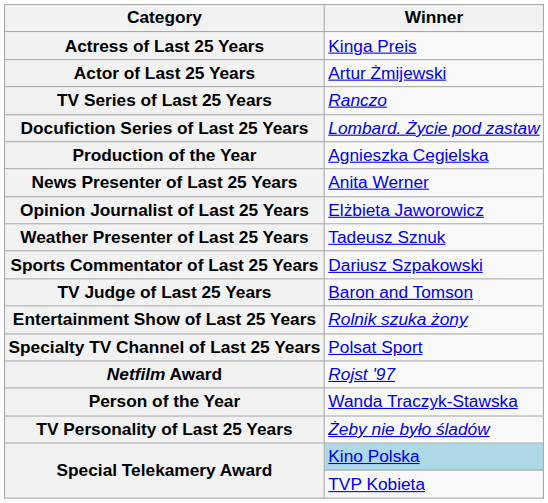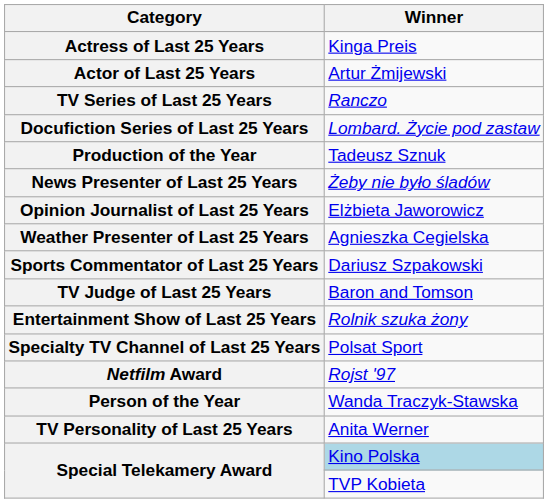 <table class="wikitable">
 <tr>
 <th>Category</th>
 <th>Winner</th>
 </tr>
 <tr>
 <th scope="row">Actress of Last 25 Years</th>
 <td><a href='#'>Kinga Preis</a></td>
 </tr>
 <tr>
 <th scope="row">Actor of Last 25 Years</th>
 <td><a href='#'>Artur Żmijewski</a></td>
 </tr>
 <tr>
 <th scope="row">TV Series of Last 25 Years</th>
 <td><em><a href='#'>Ranczo</a></em></td>
 </tr>
 <tr>
 <th scop="row">Docufiction Series of Last 25 Years</th>
 <td><em><a href='#'>Lombard. Życie pod zastaw</a></em></td>
 </tr>
 <tr>
 <th scope="row">Production of the Year</th>
-<td><a href='#'>Agnieszka Cegielska</a></td>
+<td><a href='#'>Tadeusz Sznuk</a></td>
 </tr>
 <tr>
 <th scope="row">News Presenter of Last 25 Years</th>
-<td><a href='#'>Anita Werner</a></td>
+<td><em><a href='#'>Żeby nie było śladów</a></em></td>
 </tr>
 <tr>
 <th scope="row">Opinion Journalist of Last 25 Years</th>
 <td><a href='#'>Elżbieta Jaworowicz</a></td>
 </tr>
 <tr>
 <th scope="row">Weather Presenter of Last 25 Years</th>
-<td><a href='#'>Tadeusz Sznuk</a></td>
+<td><a href='#'>Agnieszka Cegielska</a></td>
 </tr>
 <tr>
 <th scope="row">Sports Commentator of Last 25 Years</th>
 <td><a href='#'>Dariusz Szpakowski</a></td>
 </tr>
 <tr>
 <th scope="row">TV Judge of Last 25 Years</th>
 <td><a href='#'>Baron and Tomson</a></td>
 </tr>
 <tr>
 <th scope="row">Entertainment Show of Last 25 Years</th>
 <td><em><a href='#'>Rolnik szuka żony</a></em></td>
 </tr>
 <tr>
 <th scope="row">Specialty TV Channel of Last 25 Years</th>
 <td><a href='#'>Polsat Sport</a></td>
 </tr>
 <tr>
 <th scope="row"><em>Netfilm</em> Award</th>
 <td><em><a href='#'>Rojst '97</a></em></td>
 </tr>
 <tr>
 <th scope="row">Person of the Year</th>
 <td><a href='#'>Wanda Traczyk-Stawska</a></td>
 </tr>
 <tr>
 <th scope="row">TV Personality of Last 25 Years</th>
-<td><em><a href='#'>Żeby nie było śladów</a></em></td>
+<td><a href='#'>Anita Werner</a></td>
 </tr>
 <tr>
 <th scope="row" rowspan="2">Special Telekamery Award</th>
 <td style="background: lightblue;"><a href='#'>Kino Polska</a></td>
 </tr>
 <tr>
 <td><a href='#'>TVP Kobieta</a></td>
 </tr>
 </table>
